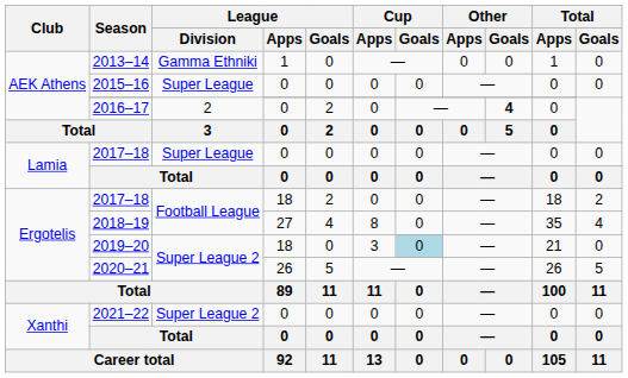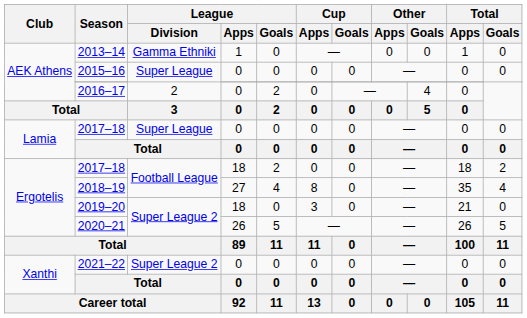 <table class="wikitable" style="text-align: center;">
 <tr>
 <th rowspan="2">Club</th>
 <th rowspan="2">Season</th>
 <th colspan="3">League</th>
 <th colspan="2">Cup</th>
 <th colspan="2">Other</th>
 <th colspan="2">Total</th>
 </tr>
 <tr>
 <th>Division</th>
 <th>Apps</th>
 <th>Goals</th>
 <th>Apps</th>
 <th>Goals</th>
 <th>Apps</th>
 <th>Goals</th>
 <th>Apps</th>
 <th>Goals</th>
 </tr>
 <tr>
 <td rowspan="4"><a href='#'>AEK Athens</a></td>
 <td><a href='#'>2013–14</a></td>
 <td><a href='#'>Gamma Ethniki</a></td>
 <td>1</td>
 <td>0</td>
 <td colspan=2>—</td>
 <td>0</td>
 <td>0</td>
 <td>1</td>
 <td>0</td>
 </tr>
 <tr>
 <td><a href='#'>2015–16</a></td>
 <td rowspan="2"><a href='#'>Super League</a></td>
 <td>0</td>
 <td>0</td>
 <td>0</td>
 <td>0</td>
 <td colspan=2>—</td>
 <td>0</td>
 <td>0</td>
 </tr>
 <tr>
 </tr>
 <tr>
 <td><a href='#'>2016–17</a></td>
 <td>2</td>
 <td>0</td>
 <td>2</td>
 <td>0</td>
 <td colspan=2>—</td>
-<td><strong>4</strong></td>
+<td>4</td>
 <td>0</td>
 </tr>
 <tr>
 <th colspan="2">Total</th>
 <th>3</th>
 <th>0</th>
 <th>2</th>
 <th>0</th>
 <th>0</th>
 <th>0</th>
 <th>5</th>
 <th>0</th>
 </tr>
 <tr>
 <td rowspan="2"><a href='#'>Lamia</a></td>
 <td><a href='#'>2017–18</a></td>
 <td><a href='#'>Super League</a></td>
 <td>0</td>
 <td>0</td>
 <td>0</td>
 <td>0</td>
 <td colspan=2>—</td>
 <td>0</td>
 <td>0</td>
 </tr>
 <tr>
 <th colspan="2">Total</th>
 <th>0</th>
 <th>0</th>
 <th>0</th>
 <th>0</th>
 <th colspan=2>—</th>
 <th>0</th>
 <th>0</th>
 </tr>
 <tr>
 <td rowspan="4"><a href='#'>Ergotelis</a></td>
 <td><a href='#'>2017–18</a></td>
 <td rowspan="2"><a href='#'>Football League</a></td>
 <td>18</td>
 <td>2</td>
 <td>0</td>
 <td>0</td>
 <td colspan=2>—</td>
 <td>18</td>
 <td>2</td>
 </tr>
 <tr>
 <td><a href='#'>2018–19</a></td>
 <td>27</td>
 <td>4</td>
 <td>8</td>
 <td>0</td>
 <td colspan=2>—</td>
 <td>35</td>
 <td>4</td>
 </tr>
 <tr>
 <td><a href='#'>2019–20</a></td>
 <td rowspan="2"><a href='#'>Super League 2</a></td>
 <td>18</td>
 <td>0</td>
 <td>3</td>
-<td style="background: lightblue;">0</td>
+<td>0</td>
 <td colspan=2>—</td>
 <td>21</td>
 <td>0</td>
 </tr>
 <tr>
 <td><a href='#'>2020–21</a></td>
 <td>26</td>
 <td>5</td>
 <td colspan=2>—</td>
 <td colspan=2>—</td>
 <td>26</td>
 <td>5</td>
 </tr>
 <tr>
 <th colspan="3">Total</th>
 <th>89</th>
 <th>11</th>
 <th>11</th>
 <th>0</th>
 <th colspan=2>—</th>
 <th>100</th>
 <th>11</th>
 </tr>
 <tr>
 <td rowspan="2"><a href='#'>Xanthi</a></td>
 <td><a href='#'>2021–22</a></td>
 <td><a href='#'>Super League 2</a></td>
 <td>0</td>
 <td>0</td>
 <td>0</td>
 <td>0</td>
 <td colspan=2>—</td>
 <td>0</td>
 <td>0</td>
 </tr>
 <tr>
 <th colspan="2">Total</th>
 <th>0</th>
 <th>0</th>
 <th>0</th>
 <th>0</th>
 <th colspan=2>—</th>
 <th>0</th>
 <th>0</th>
 </tr>
 <tr>
 <th colspan="3">Career total</th>
 <th>92</th>
 <th>11</th>
 <th>13</th>
 <th>0</th>
 <th>0</th>
 <th>0</th>
 <th>105</th>
 <th>11</th>
 </tr>
 </table>
